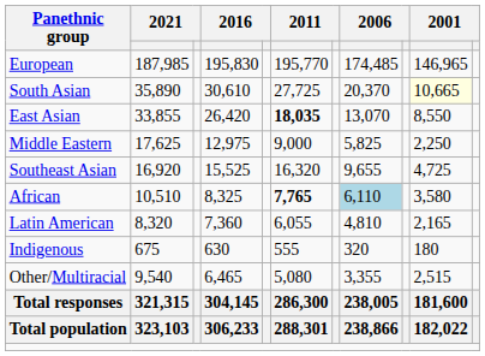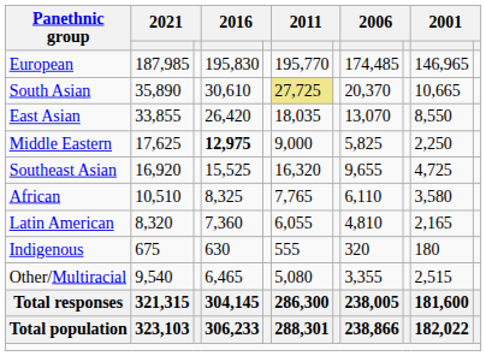 <table class="wikitable collapsible sortable">
 <tr>
 <th rowspan="2"><a href='#'>Panethnic</a><br>group</th>
 <th colspan="2">2021</th>
 <th colspan="2">2016</th>
 <th colspan="2">2011</th>
 <th colspan="2">2006</th>
 <th colspan="2">2001</th>
 </tr>
 <tr>
 <th><a href='#'></a></th>
 <th></th>
 <th></th>
 <th></th>
 <th></th>
 <th></th>
 <th></th>
 <th></th>
 <th></th>
 <th></th>
 </tr>
 <tr>
 <td><a href='#'>European</a></td>
 <td>187,985</td>
 <td></td>
 <td>195,830</td>
 <td></td>
 <td>195,770</td>
 <td></td>
 <td>174,485</td>
 <td></td>
 <td>146,965</td>
 <td></td>
 </tr>
 <tr>
 <td><a href='#'>South Asian</a></td>
 <td>35,890</td>
 <td></td>
 <td>30,610</td>
 <td></td>
-<td>27,725</td>
+<td style="background: khaki;">27,725</td>
 <td></td>
 <td>20,370</td>
 <td></td>
-<td style="background: lightyellow;">10,665</td>
+<td>10,665</td>
 <td></td>
 </tr>
 <tr>
 <td><a href='#'>East Asian</a></td>
 <td>33,855</td>
 <td></td>
 <td>26,420</td>
 <td></td>
-<td><strong>18,035</strong></td>
+<td>18,035</td>
 <td></td>
 <td>13,070</td>
 <td></td>
 <td>8,550</td>
 <td></td>
 </tr>
 <tr>
 <td><a href='#'>Middle Eastern</a></td>
 <td>17,625</td>
 <td></td>
-<td>12,975</td>
+<td><strong>12,975</strong></td>
 <td></td>
 <td>9,000</td>
 <td></td>
 <td>5,825</td>
 <td></td>
 <td>2,250</td>
 <td></td>
 </tr>
 <tr>
 <td><a href='#'>Southeast Asian</a></td>
 <td>16,920</td>
 <td></td>
 <td>15,525</td>
 <td></td>
 <td>16,320</td>
 <td></td>
 <td>9,655</td>
 <td></td>
 <td>4,725</td>
 <td></td>
 </tr>
 <tr>
 <td><a href='#'>African</a></td>
 <td>10,510</td>
 <td></td>
 <td>8,325</td>
 <td></td>
-<td><strong>7,765</strong></td>
+<td>7,765</td>
 <td></td>
-<td style="background: lightblue;">6,110</td>
+<td>6,110</td>
 <td></td>
 <td>3,580</td>
 <td></td>
 </tr>
 <tr>
 <td><a href='#'>Latin American</a></td>
 <td>8,320</td>
 <td></td>
 <td>7,360</td>
 <td></td>
 <td>6,055</td>
 <td></td>
 <td>4,810</td>
 <td></td>
 <td>2,165</td>
 <td></td>
 </tr>
 <tr>
 <td><a href='#'>Indigenous</a></td>
 <td>675</td>
 <td></td>
 <td>630</td>
 <td></td>
 <td>555</td>
 <td></td>
 <td>320</td>
 <td></td>
 <td>180</td>
 <td></td>
 </tr>
 <tr>
 <td>Other/<a href='#'>Multiracial</a></td>
 <td>9,540</td>
 <td></td>
 <td>6,465</td>
 <td></td>
 <td>5,080</td>
 <td></td>
 <td>3,355</td>
 <td></td>
 <td>2,515</td>
 <td></td>
 </tr>
 <tr>
 <th>Total responses</th>
 <th>321,315</th>
 <th></th>
 <th>304,145</th>
 <th></th>
 <th>286,300</th>
 <th></th>
 <th>238,005</th>
 <th></th>
 <th>181,600</th>
 <th></th>
 </tr>
 <tr>
 <th>Total population</th>
 <th>323,103</th>
 <th></th>
 <th>306,233</th>
 <th></th>
 <th>288,301</th>
 <th></th>
 <th>238,866</th>
 <th></th>
 <th>182,022</th>
 <th></th>
 </tr>
 <tr class="sortbottom">
 <td colspan="15"></td>
 </tr>
 </table>
